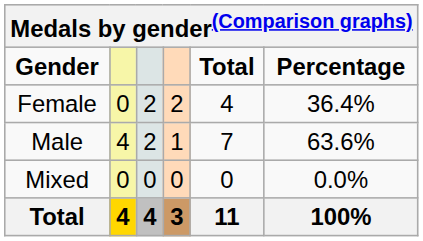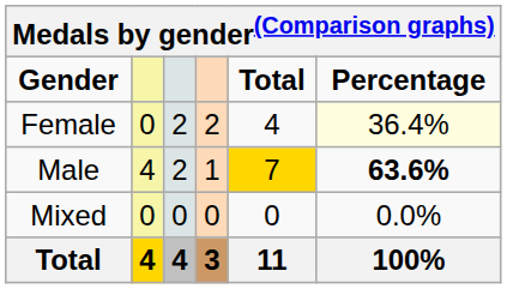 <table class="wikitable" style="font-size:95%">
 <tr style="background:#efefef;">
 <th colspan=6>Medals by gender<sup><a href='#'>(Comparison graphs)</a></sup></th>
 </tr>
 <tr style="text-align:center;">
 <td><strong>Gender</strong></td>
 <td style="background:#F7F6A8;"></td>
 <td style="background:#DCE5E5;"></td>
 <td style="background:#FFDAB9;"></td>
 <td><strong>Total</strong></td>
 <td><strong>Percentage</strong></td>
 </tr>
 <tr align=center>
 <td>Female</td>
 <td style="background:#F7F6A8;">0</td>
 <td style="background:#DCE5E5;">2</td>
 <td style="background:#FFDAB9;">2</td>
 <td>4</td>
-<td>36.4%</td>
+<td style="background: lightyellow;">36.4%</td>
 </tr>
 <tr align=center>
 <td>Male</td>
 <td style="background:#F7F6A8;">4</td>
 <td style="background:#DCE5E5;">2</td>
 <td style="background:#FFDAB9;">1</td>
-<td>7</td>
-<td>63.6%</td>
+<td style="background: gold;">7</td>
+<td><strong>63.6%</strong></td>
 </tr>
 <tr align=center>
 <td>Mixed</td>
 <td style="background:#F7F6A8;">0</td>
 <td style="background:#DCE5E5;">0</td>
 <td style="background:#FFDAB9;">0</td>
 <td>0</td>
 <td>0.0%</td>
 </tr>
 <tr align=center>
 <th>Total</th>
 <th style="background:gold;">4</th>
 <th style="background:silver;">4</th>
 <th style="background:#c96;">3</th>
 <th>11</th>
 <th>100%</th>
 </tr>
 </table>
